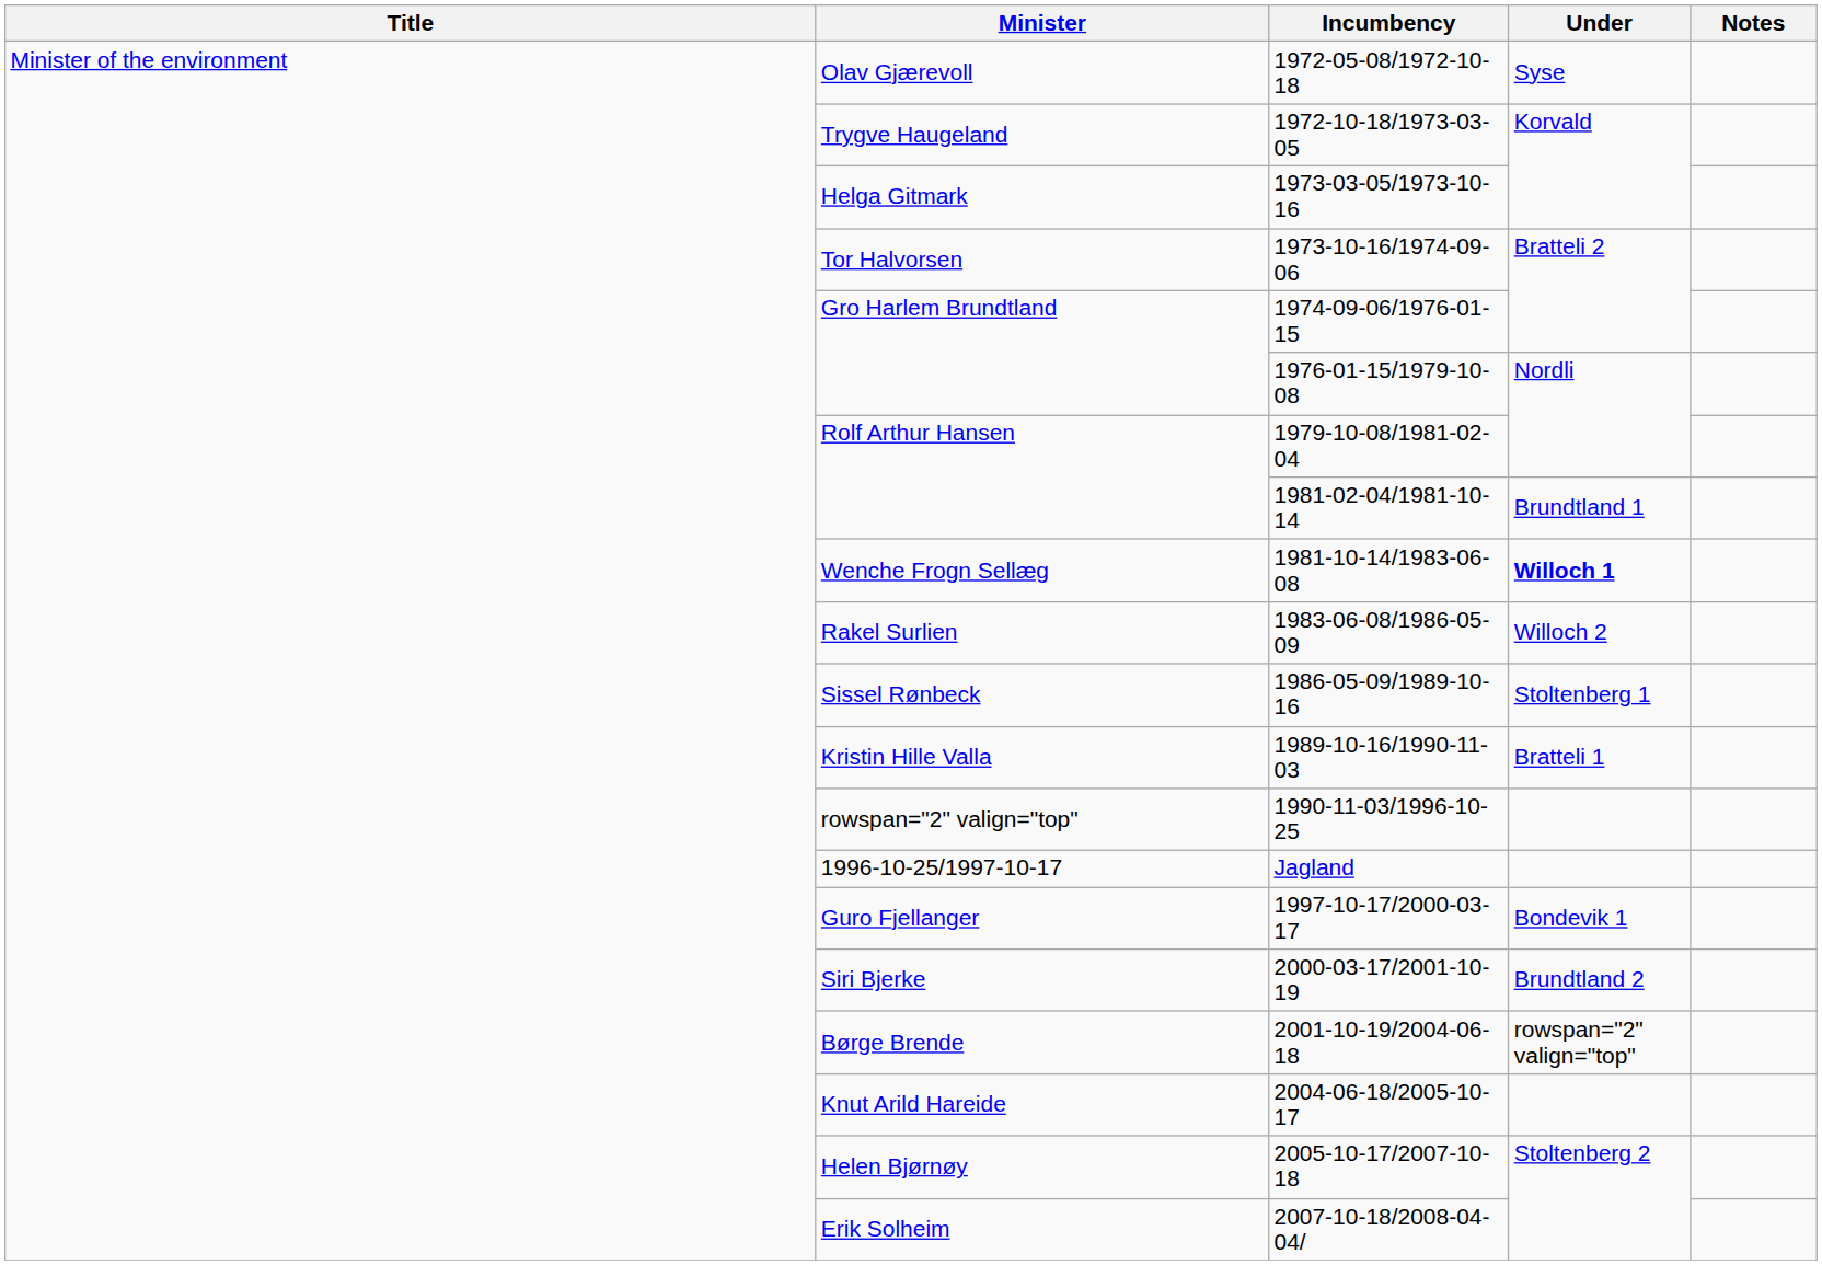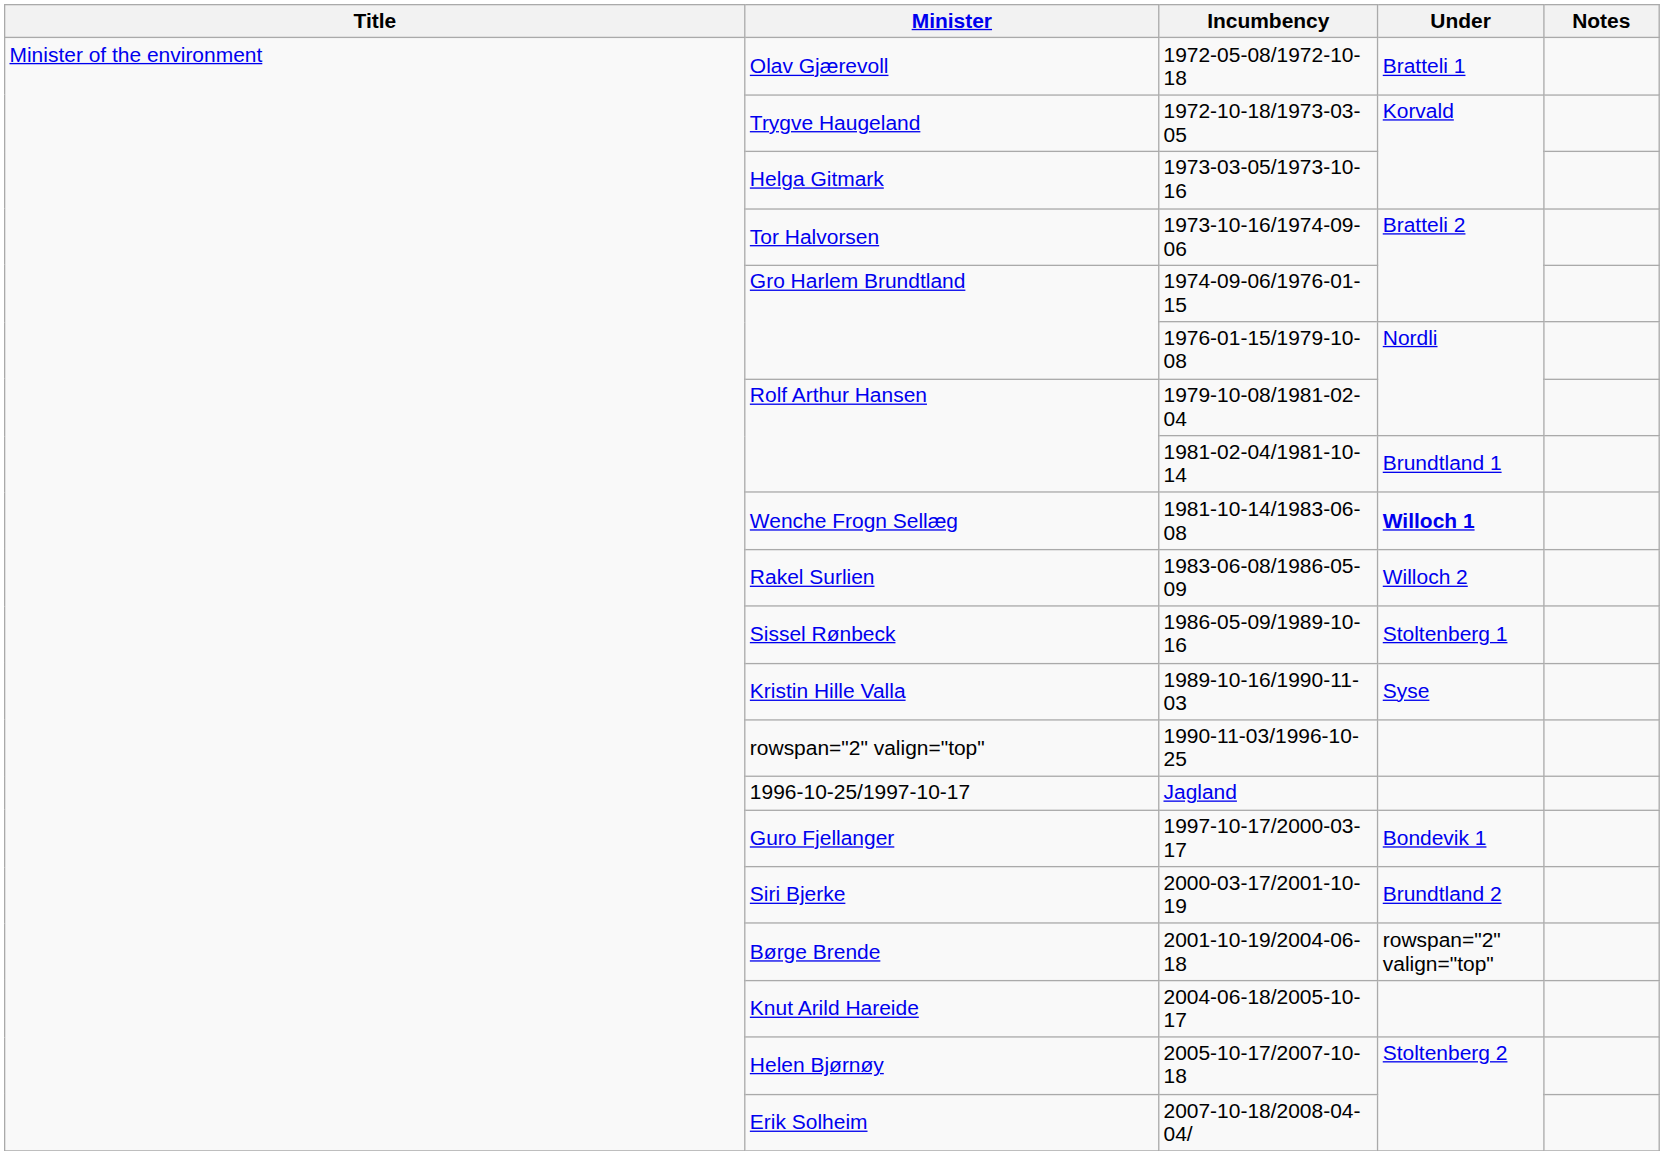 <table class="wikitable" style="width:100%;">
 <tr>
 <th>Title</th>
 <th style="width:25%;"><a href='#'>Minister</a></th>
 <th style="width:160px;">Incumbency</th>
 <th style="width:10%;">Under</th>
 <th style="width:7%;">Notes</th>
 </tr>
 <tr>
 <td rowspan="21" style="vertical-align:top;"><a href='#'>Minister of the environment</a></td>
 <td><a href='#'>Olav Gjærevoll</a></td>
 <td>1972-05-08/1972-10-18</td>
-<td><a href='#'>Syse</a></td>
+<td><a href='#'>Bratteli 1</a></td>
 <td></td>
 </tr>
 <tr>
 <td><a href='#'>Trygve Haugeland</a></td>
 <td>1972-10-18/1973-03-05</td>
 <td rowspan="2" style="vertical-align:top;"><a href='#'>Korvald</a></td>
 <td></td>
 </tr>
 <tr>
 <td><a href='#'>Helga Gitmark</a></td>
 <td>1973-03-05/1973-10-16</td>
 <td></td>
 </tr>
 <tr>
 <td><a href='#'>Tor Halvorsen</a></td>
 <td>1973-10-16/1974-09-06</td>
 <td rowspan="2" style="vertical-align:top;"><a href='#'>Bratteli 2</a></td>
 <td></td>
 </tr>
 <tr>
 <td rowspan="2" style="vertical-align:top;"><a href='#'>Gro Harlem Brundtland</a></td>
 <td>1974-09-06/1976-01-15</td>
 <td></td>
 </tr>
 <tr>
 <td>1976-01-15/1979-10-08</td>
 <td rowspan="2" style="vertical-align:top;"><a href='#'>Nordli</a></td>
 <td></td>
 </tr>
 <tr>
 <td rowspan="2" style="vertical-align:top;"><a href='#'>Rolf Arthur Hansen</a></td>
 <td>1979-10-08/1981-02-04</td>
 <td></td>
 </tr>
 <tr>
 <td>1981-02-04/1981-10-14</td>
 <td><a href='#'>Brundtland 1</a></td>
 <td></td>
 </tr>
 <tr>
 <td><a href='#'>Wenche Frogn Sellæg</a></td>
 <td>1981-10-14/1983-06-08</td>
 <td><strong><a href='#'>Willoch 1</a></strong></td>
 <td></td>
 </tr>
 <tr>
 <td><a href='#'>Rakel Surlien</a></td>
 <td>1983-06-08/1986-05-09</td>
 <td><a href='#'>Willoch 2</a></td>
 <td></td>
 </tr>
 <tr>
 <td><a href='#'>Sissel Rønbeck</a></td>
 <td>1986-05-09/1989-10-16</td>
 <td><a href='#'>Stoltenberg 1</a></td>
 <td></td>
 </tr>
 <tr>
 <td><a href='#'>Kristin Hille Valla</a></td>
 <td>1989-10-16/1990-11-03</td>
-<td><a href='#'>Bratteli 1</a></td>
+<td><a href='#'>Syse</a></td>
 <td></td>
 </tr>
 <tr>
 <td>rowspan="2" valign="top" </td>
 <td>1990-11-03/1996-10-25</td>
 <td></td>
 <td></td>
 </tr>
 <tr>
 <td>1996-10-25/1997-10-17</td>
 <td><a href='#'>Jagland</a></td>
 <td></td>
 </tr>
 <tr>
 <td><a href='#'>Guro Fjellanger</a></td>
 <td>1997-10-17/2000-03-17</td>
 <td><a href='#'>Bondevik 1</a></td>
 <td></td>
 </tr>
 <tr>
 <td><a href='#'>Siri Bjerke</a></td>
 <td>2000-03-17/2001-10-19</td>
 <td><a href='#'>Brundtland 2</a></td>
 <td></td>
 </tr>
 <tr>
 <td><a href='#'>Børge Brende</a></td>
 <td>2001-10-19/2004-06-18</td>
 <td>rowspan="2" valign="top" </td>
 <td></td>
 </tr>
 <tr>
 <td><a href='#'>Knut Arild Hareide</a></td>
 <td>2004-06-18/2005-10-17</td>
 <td></td>
 </tr>
 <tr>
 <td><a href='#'>Helen Bjørnøy</a></td>
 <td>2005-10-17/2007-10-18</td>
 <td rowspan="2" style="vertical-align:top;"><a href='#'>Stoltenberg 2</a></td>
 <td></td>
 </tr>
 <tr>
 <td><a href='#'>Erik Solheim</a></td>
 <td>2007-10-18/2008-04-04/</td>
 <td></td>
 </tr>
 </table>
